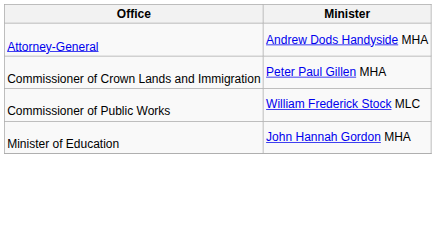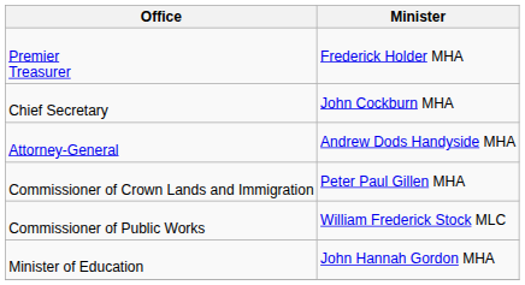 <table class="wikitable">
 <tr>
 <th>Office</th>
 <th>Minister</th>
+</tr>
+<tr>
+<td><br><a href='#'>Premier</a><br> <a href='#'>Treasurer</a><br></td>
+<td><a href='#'>Frederick Holder</a> MHA</td>
+</tr>
+<tr>
+<td><br>Chief Secretary</td>
+<td><a href='#'>John Cockburn</a> MHA</td>
 </tr>
 <tr>
 <td><br><a href='#'>Attorney-General</a><br></td>
 <td><a href='#'>Andrew Dods Handyside</a> MHA</td>
 </tr>
 <tr>
 <td><br>Commissioner of Crown Lands and Immigration<br></td>
 <td><a href='#'>Peter Paul Gillen</a> MHA</td>
 </tr>
 <tr>
 <td><br>Commissioner of Public Works<br></td>
 <td><a href='#'>William Frederick Stock</a> MLC</td>
 </tr>
 <tr>
 <td><br>Minister of Education<br></td>
 <td><a href='#'>John Hannah Gordon</a> MHA</td>
 </tr>
 <tr>
 </tr>
 </table>
